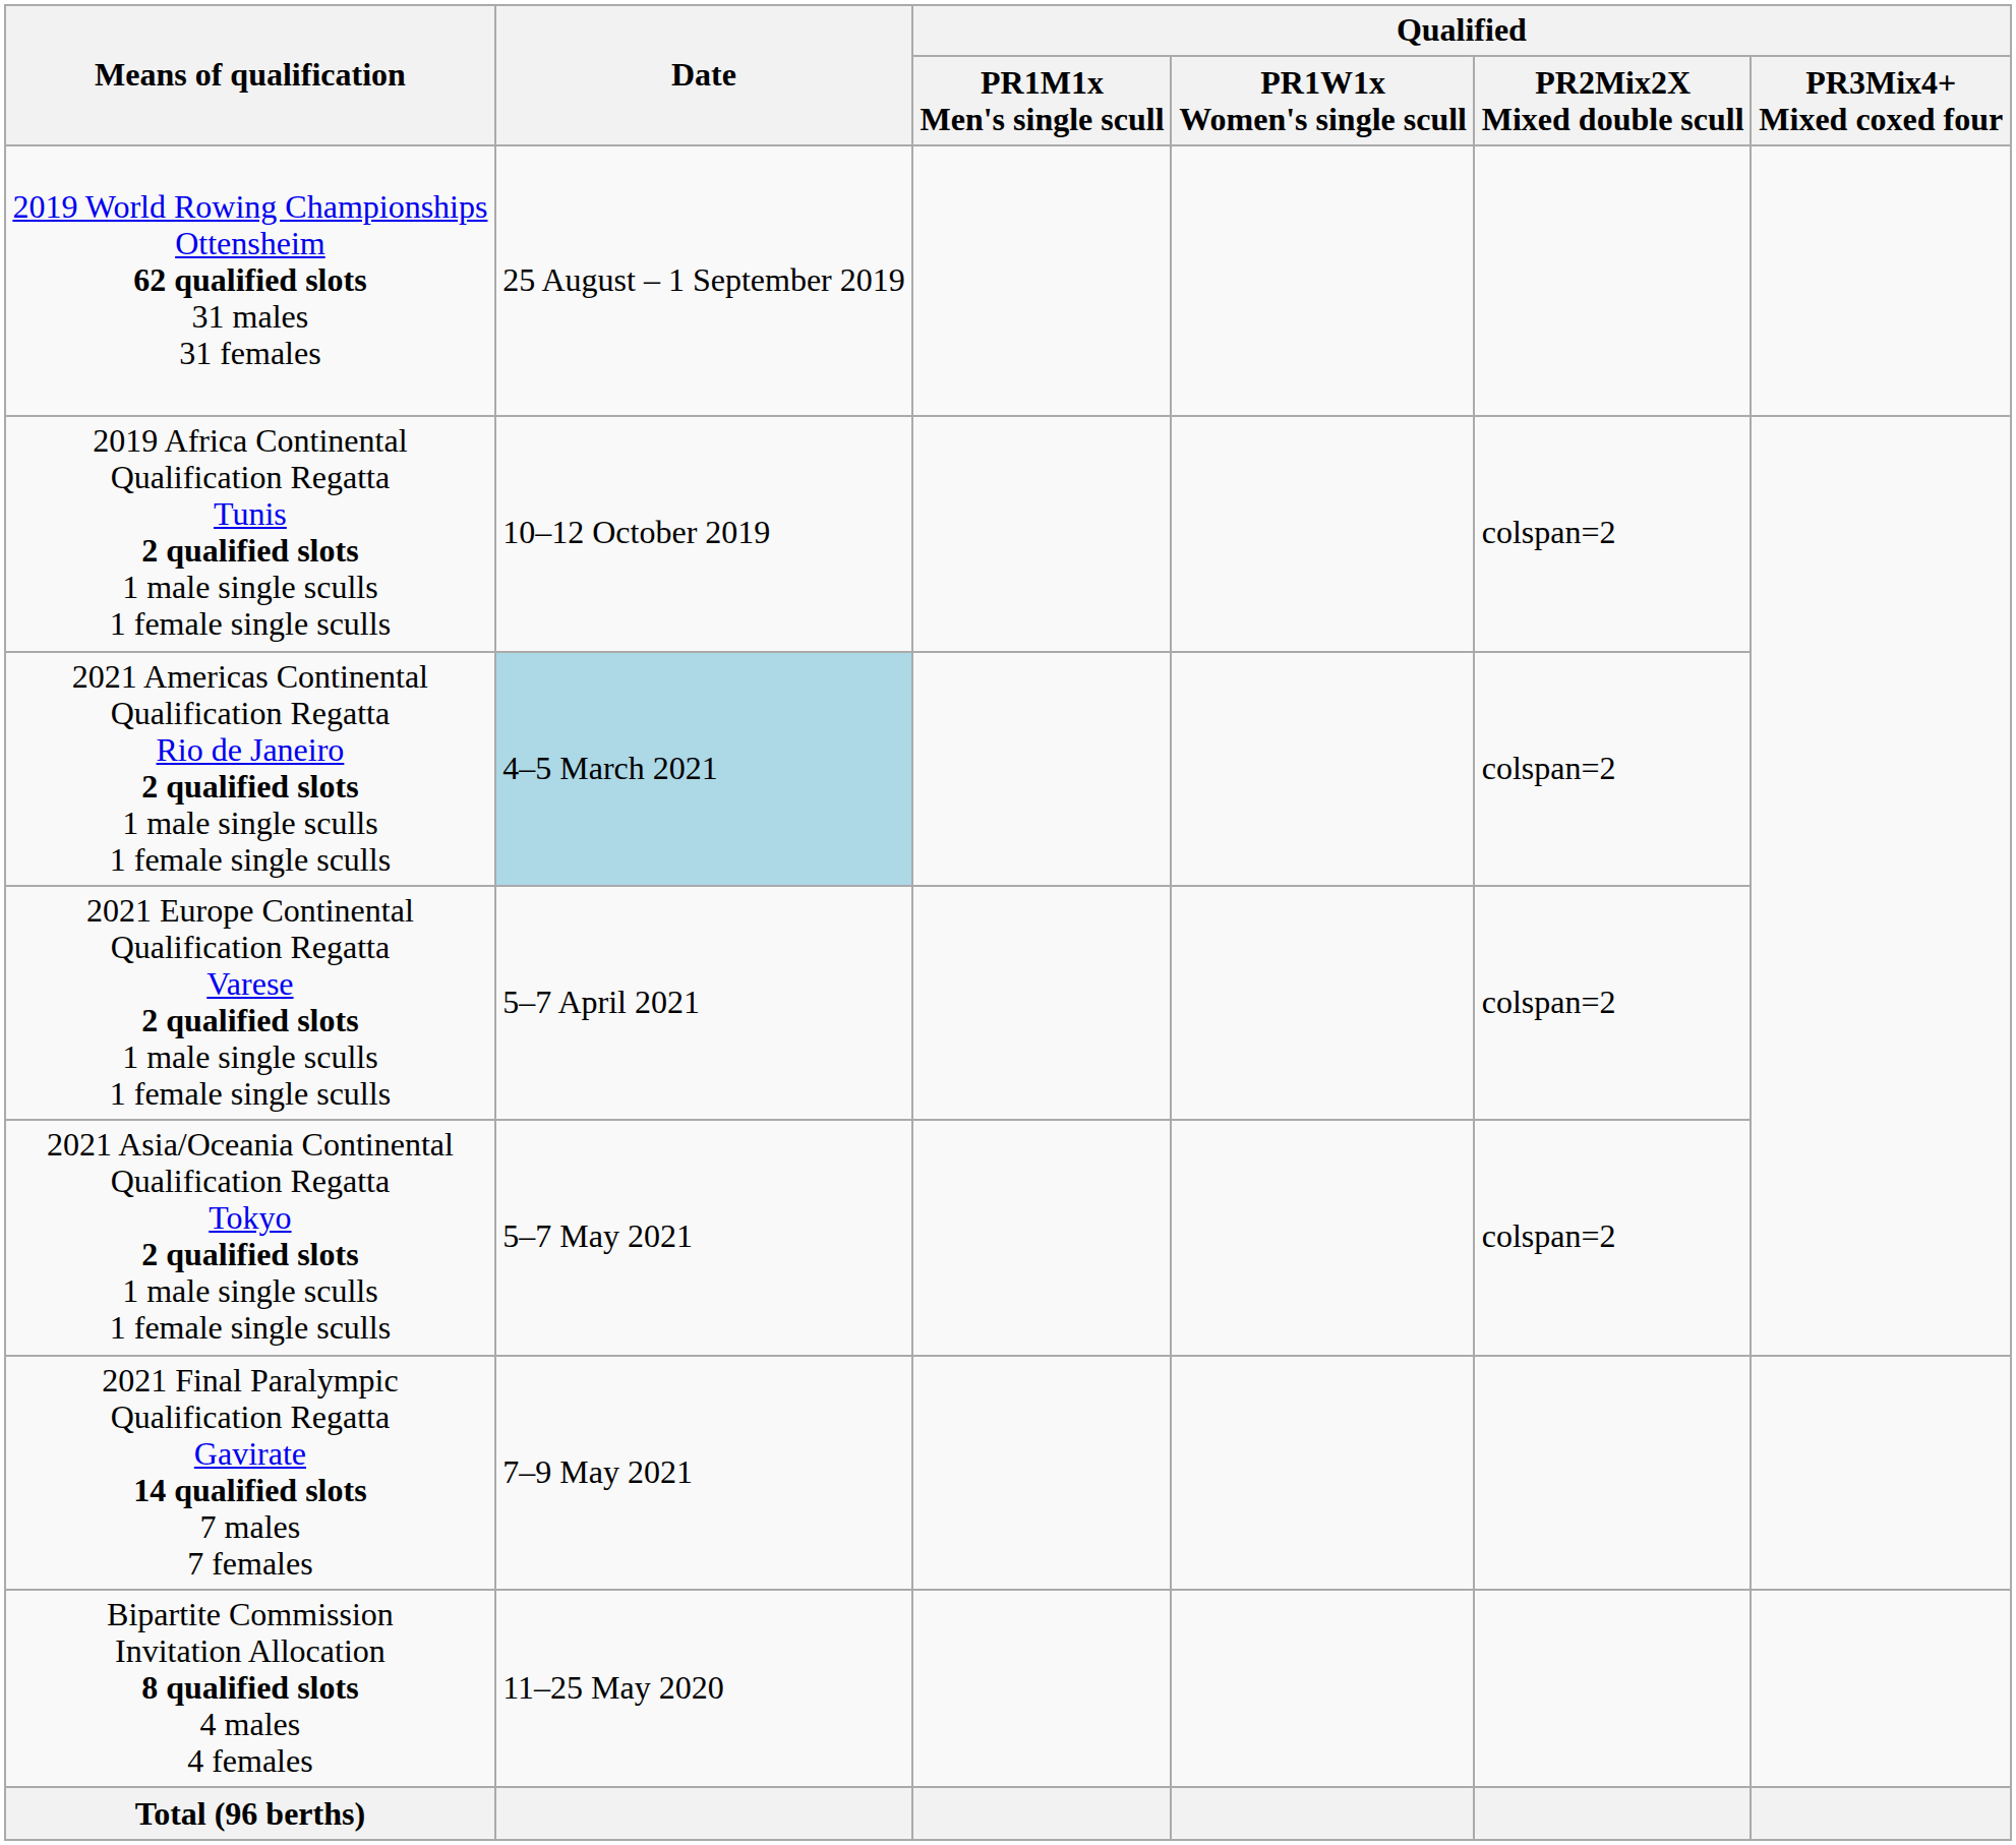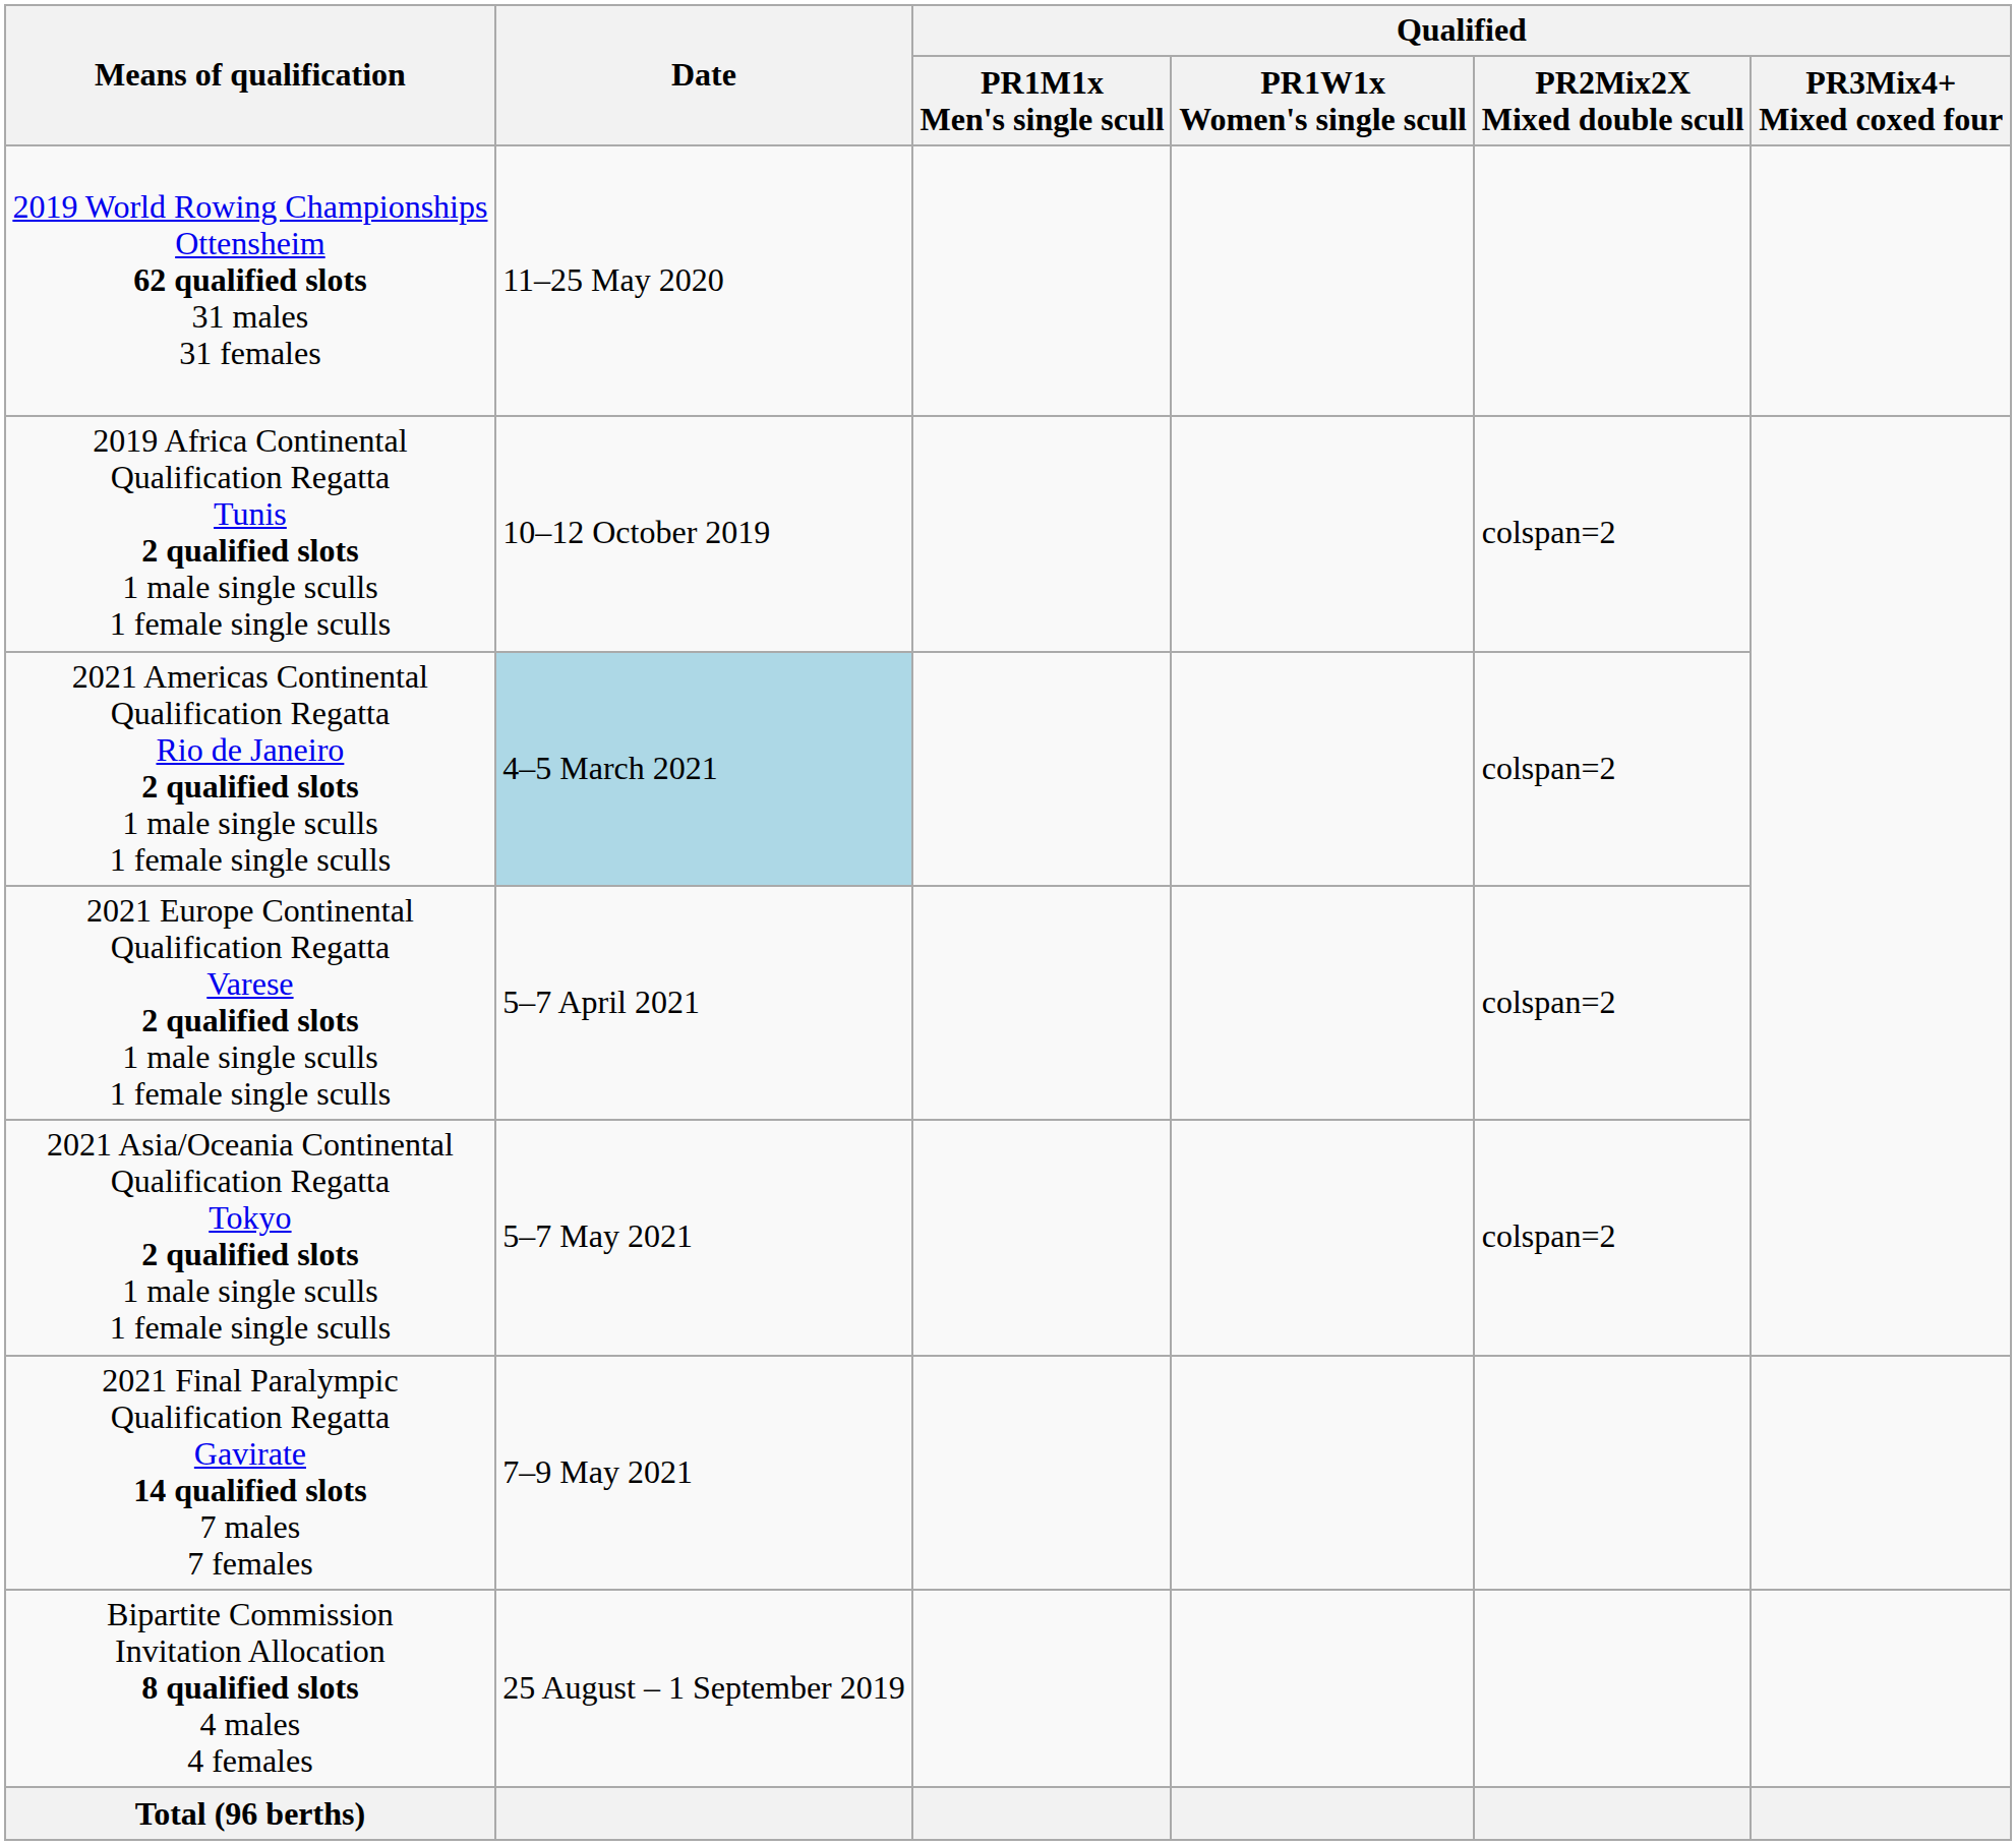 <table class="wikitable">
 <tr>
 <th rowspan=2>Means of qualification</th>
 <th rowspan=2>Date</th>
 <th colspan="4">Qualified</th>
 </tr>
 <tr>
 <th>PR1M1x<br>Men's single scull</th>
 <th>PR1W1x<br>Women's single scull</th>
 <th>PR2Mix2X<br>Mixed double scull</th>
 <th>PR3Mix4+<br>Mixed coxed four</th>
 </tr>
 <tr>
 <td align="center"><a href='#'>2019 World Rowing Championships</a> <br> <a href='#'>Ottensheim</a><br><strong>62 qualified slots</strong><br> 31 males<br> 31 females</td>
-<td>25 August – 1 September 2019</td>
+<td>11–25 May 2020</td>
 <td><br><br><br><br><br><br> </td>
 <td><br><br><br><br><br><br> </td>
 <td><br><br><br><br><br><br> <br></td>
 <td><br><br><br><br><br><br>  <br> </td>
 </tr>
 <tr>
 <td align="center">2019 Africa Continental<br> Qualification Regatta<br> <a href='#'>Tunis</a> <br><strong>2 qualified slots</strong><br> 1 male single sculls<br> 1 female single sculls</td>
 <td>10–12 October 2019</td>
 <td></td>
 <td></td>
 <td>colspan=2 </td>
 </tr>
 <tr>
 <td align="center">2021 Americas Continental <br> Qualification Regatta<br> <a href='#'>Rio de Janeiro</a><br><strong>2 qualified slots</strong><br> 1 male single sculls<br> 1 female single sculls </td>
 <td style="background: lightblue;">4–5 March 2021</td>
 <td></td>
 <td></td>
 <td>colspan=2 </td>
 </tr>
 <tr>
 <td align="center">2021 Europe Continental <br>Qualification Regatta<br> <a href='#'>Varese</a><br><strong>2 qualified slots</strong><br> 1 male single sculls<br> 1 female single sculls </td>
 <td>5–7 April 2021</td>
 <td></td>
 <td></td>
 <td>colspan=2 </td>
 </tr>
 <tr>
 <td align="center">2021 Asia/Oceania Continental <br>Qualification Regatta <br> <a href='#'>Tokyo</a><br><strong>2 qualified slots</strong><br> 1 male single sculls<br> 1 female single sculls </td>
 <td>5–7 May 2021</td>
 <td></td>
 <td></td>
 <td>colspan=2 </td>
 </tr>
 <tr>
 <td align="center">2021 Final Paralympic <br>Qualification Regatta<br> <a href='#'>Gavirate</a> <br><strong>14 qualified slots</strong><br> 7 males<br>7 females</td>
 <td>7–9 May 2021</td>
 <td></td>
 <td></td>
 <td><br></td>
 <td><br></td>
 </tr>
 <tr>
 <td align="center">Bipartite Commission <br>Invitation Allocation <br> <strong>8 qualified slots</strong><br> 4 males <br> 4 females</td>
-<td>11–25 May 2020</td>
+<td>25 August – 1 September 2019</td>
 <td></td>
 <td></td>
 <td><br></td>
 <td><br></td>
 </tr>
 <tr>
 <th>Total (96 berths)</th>
 <th></th>
 <th></th>
 <th></th>
 <th></th>
 <th></th>
 </tr>
 </table>
